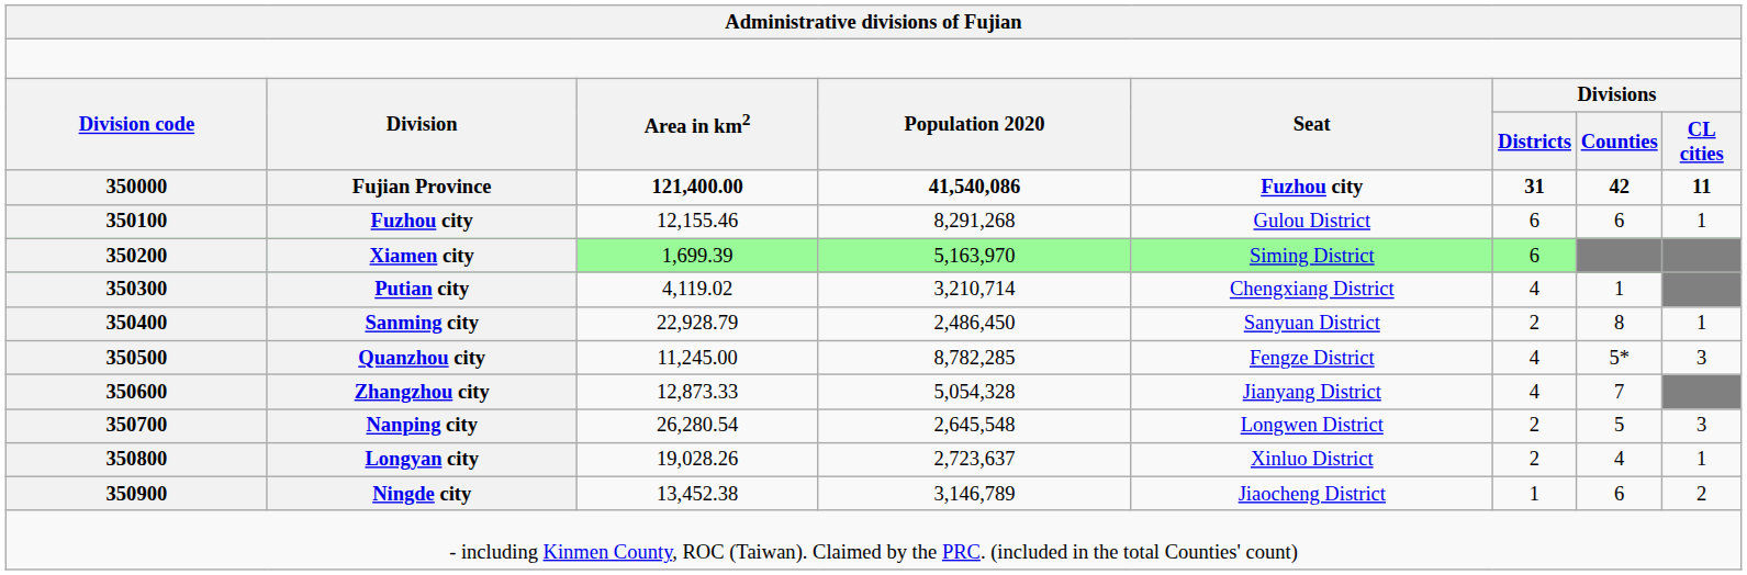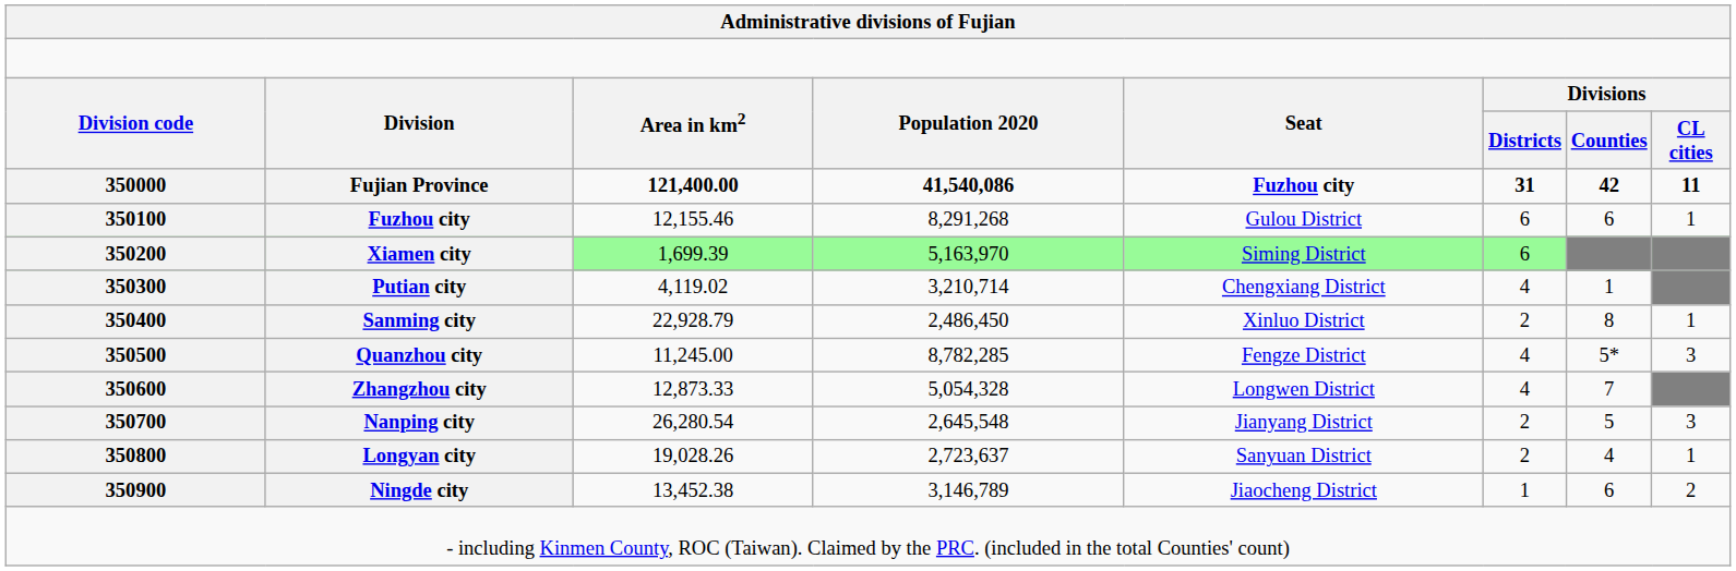 <table class="wikitable" style="margin:1em auto 1em auto; width:90%; font-size:smaller; text-align:center">
 <tr>
 <th colspan="8">Administrative divisions of Fujian</th>
 </tr>
 <tr>
 <td colspan="8" style="font-size:larger"><div><br>            </div></td>
 </tr>
 <tr>
 <th ! scope="col" rowspan="2"><a href='#'>Division code</a></th>
 <th ! scope="col" rowspan="2">Division</th>
 <th ! scope="col" rowspan="2">Area in km<sup>2</sup></th>
 <th ! scope="col" rowspan="2">Population 2020</th>
 <th ! scope="col" rowspan="2">Seat</th>
 <th ! scope="col" colspan="3">Divisions</th>
 </tr>
 <tr>
 <th ! scope="col" style="width:45px;"><a href='#'>Districts</a></th>
 <th ! scope="col" style="width:45px;"><a href='#'>Counties</a></th>
 <th ! scope="col" style="width:45px;"><a href='#'>CL cities</a></th>
 </tr>
 <tr style="font-weight: bold">
 <th>350000</th>
 <th>Fujian Province</th>
 <td>121,400.00</td>
 <td>41,540,086</td>
 <td><a href='#'>Fuzhou</a> city</td>
 <td>31</td>
 <td>42</td>
 <td>11</td>
 </tr>
 <tr>
 <th>350100</th>
 <th><a href='#'>Fuzhou</a> city</th>
 <td>12,155.46</td>
 <td>8,291,268</td>
 <td><a href='#'>Gulou District</a></td>
 <td>6</td>
 <td>6</td>
 <td>1</td>
 </tr>
 <tr style="background:#98fb98;">
 <th>350200</th>
 <th><a href='#'>Xiamen</a> city</th>
 <td>1,699.39</td>
 <td>5,163,970</td>
 <td><a href='#'>Siming District</a></td>
 <td>6</td>
 <td style="background:gray;"></td>
 <td style="background:gray;"></td>
 </tr>
 <tr>
 <th>350300</th>
 <th><a href='#'>Putian</a> city</th>
 <td>4,119.02</td>
 <td>3,210,714</td>
 <td><a href='#'>Chengxiang District</a></td>
 <td>4</td>
 <td>1</td>
 <td style="background:gray;"></td>
 </tr>
 <tr>
 <th>350400</th>
 <th><a href='#'>Sanming</a> city</th>
 <td>22,928.79</td>
 <td>2,486,450</td>
-<td><a href='#'>Sanyuan District</a></td>
+<td><a href='#'>Xinluo District</a></td>
 <td>2</td>
 <td>8</td>
 <td>1</td>
 </tr>
 <tr>
 <th>350500</th>
 <th><a href='#'>Quanzhou</a> city</th>
 <td>11,245.00</td>
 <td>8,782,285</td>
 <td><a href='#'>Fengze District</a></td>
 <td>4</td>
 <td>5*</td>
 <td>3</td>
 </tr>
 <tr>
 <th>350600</th>
 <th><a href='#'>Zhangzhou</a> city</th>
 <td>12,873.33</td>
 <td>5,054,328</td>
-<td><a href='#'>Jianyang District</a></td>
+<td><a href='#'>Longwen District</a></td>
 <td>4</td>
 <td>7</td>
 <td style="background:gray;"></td>
 </tr>
 <tr>
 <th>350700</th>
 <th><a href='#'>Nanping</a> city</th>
 <td>26,280.54</td>
 <td>2,645,548</td>
-<td><a href='#'>Longwen District</a></td>
+<td><a href='#'>Jianyang District</a></td>
 <td>2</td>
 <td>5</td>
 <td>3</td>
 </tr>
 <tr>
 <th>350800</th>
 <th><a href='#'>Longyan</a> city</th>
 <td>19,028.26</td>
 <td>2,723,637</td>
-<td><a href='#'>Xinluo District</a></td>
+<td><a href='#'>Sanyuan District</a></td>
 <td>2</td>
 <td>4</td>
 <td>1</td>
 </tr>
 <tr>
 <th>350900</th>
 <th><a href='#'>Ningde</a> city</th>
 <td>13,452.38</td>
 <td>3,146,789</td>
 <td><a href='#'>Jiaocheng District</a></td>
 <td>1</td>
 <td>6</td>
 <td>2</td>
 </tr>
 <tr>
 <td colspan = "11"><br> - including <a href='#'>Kinmen County</a>, ROC (Taiwan). Claimed by the <a href='#'>PRC</a>. (included in the total Counties' count)</td>
 </tr>
 </table>
